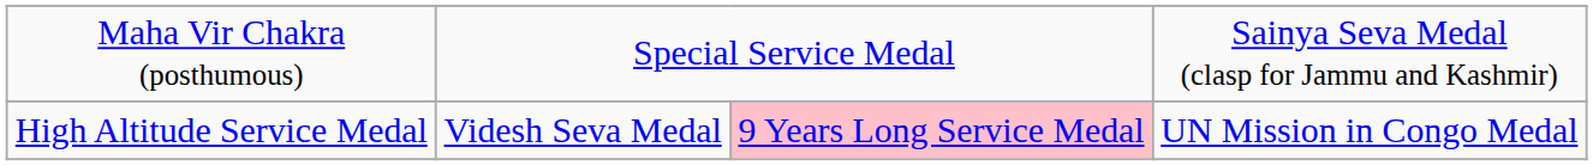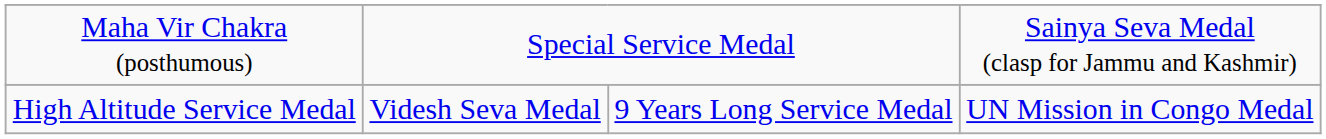 <table class="wikitable" style="margin:1em auto; text-align:center;">
 <tr>
 <td><a href='#'>Maha Vir Chakra</a><br><small>(posthumous)</small></td>
 <td colspan="2"><a href='#'>Special Service Medal</a></td>
 <td><a href='#'>Sainya Seva Medal</a><br><small>(clasp for Jammu and Kashmir)</small></td>
 </tr>
 <tr>
 <td><a href='#'>High Altitude Service Medal</a></td>
 <td><a href='#'>Videsh Seva Medal</a></td>
-<td style="background: pink;"><a href='#'>9 Years Long Service Medal</a></td>
+<td><a href='#'>9 Years Long Service Medal</a></td>
 <td><a href='#'>UN Mission in Congo Medal</a></td>
 </tr>
 </table>
